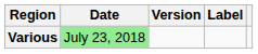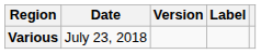 <table class="wikitable plainrowheaders">
 <tr>
 <th scope="col">Region</th>
 <th scope="col">Date</th>
 <th scope="col">Version</th>
 <th scope="col">Label</th>
 <th scope="col"></th>
 </tr>
 <tr>
 <th rowspan="2" scope="row">Various</th>
-<td style="background: lightgreen;">July 23, 2018</td>
+<td>July 23, 2018</td>
 <td rowspan="2"></td>
 <td></td>
 <td style="text-align:center;"></td>
 </tr>
 </table>
